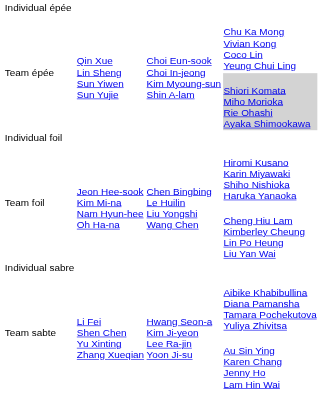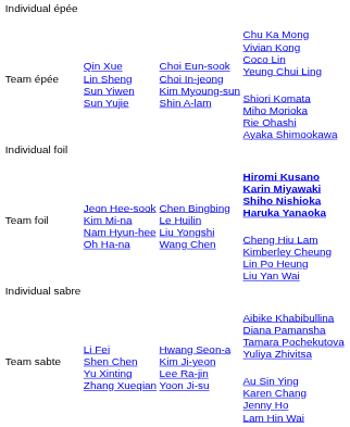 <table>
 <tr>
 <td rowspan=2>Individual épée</td>
 <td rowspan=2></td>
 <td rowspan=2></td>
 <td></td>
 </tr>
 <tr>
 <td></td>
 </tr>
 <tr>
 <td rowspan=2>Team épée</td>
 <td rowspan=2><br><a href='#'>Qin Xue</a><br><a href='#'>Lin Sheng</a><br><a href='#'>Sun Yiwen</a><br><a href='#'>Sun Yujie</a></td>
 <td rowspan=2><br><a href='#'>Choi Eun-sook</a><br><a href='#'>Choi In-jeong</a><br><a href='#'>Kim Myoung-sun</a><br><a href='#'>Shin A-lam</a></td>
 <td><br><a href='#'>Chu Ka Mong</a><br><a href='#'>Vivian Kong</a><br><a href='#'>Coco Lin</a><br><a href='#'>Yeung Chui Ling</a></td>
 </tr>
 <tr>
-<td style="background: lightgrey;"><br><a href='#'>Shiori Komata</a><br><a href='#'>Miho Morioka</a><br><a href='#'>Rie Ohashi</a><br><a href='#'>Ayaka Shimookawa</a></td>
+<td><br><a href='#'>Shiori Komata</a><br><a href='#'>Miho Morioka</a><br><a href='#'>Rie Ohashi</a><br><a href='#'>Ayaka Shimookawa</a></td>
 </tr>
 <tr>
 <td rowspan=2>Individual foil</td>
 <td rowspan=2></td>
 <td rowspan=2></td>
 <td></td>
 </tr>
 <tr>
 <td></td>
 </tr>
 <tr>
 <td rowspan=2>Team foil</td>
 <td rowspan=2><br><a href='#'>Jeon Hee-sook</a><br><a href='#'>Kim Mi-na</a><br><a href='#'>Nam Hyun-hee</a><br><a href='#'>Oh Ha-na</a></td>
 <td rowspan=2><br><a href='#'>Chen Bingbing</a><br><a href='#'>Le Huilin</a><br><a href='#'>Liu Yongshi</a><br><a href='#'>Wang Chen</a></td>
-<td><br><a href='#'>Hiromi Kusano</a><br><a href='#'>Karin Miyawaki</a><br><a href='#'>Shiho Nishioka</a><br><a href='#'>Haruka Yanaoka</a></td>
+<td><strong><br><a href='#'>Hiromi Kusano</a><br><a href='#'>Karin Miyawaki</a><br><a href='#'>Shiho Nishioka</a><br><a href='#'>Haruka Yanaoka</a></strong></td>
 </tr>
 <tr>
 <td><br><a href='#'>Cheng Hiu Lam</a><br><a href='#'>Kimberley Cheung</a><br><a href='#'>Lin Po Heung</a><br><a href='#'>Liu Yan Wai</a></td>
 </tr>
 <tr>
 <td rowspan=2>Individual sabre</td>
 <td rowspan=2></td>
 <td rowspan=2></td>
 <td></td>
 </tr>
 <tr>
 <td></td>
 </tr>
 <tr>
 <td rowspan=2>Team sabte</td>
 <td rowspan=2><br><a href='#'>Li Fei</a><br><a href='#'>Shen Chen</a><br><a href='#'>Yu Xinting</a><br><a href='#'>Zhang Xueqian</a></td>
 <td rowspan=2><br><a href='#'>Hwang Seon-a</a><br><a href='#'>Kim Ji-yeon</a><br><a href='#'>Lee Ra-jin</a><br><a href='#'>Yoon Ji-su</a></td>
 <td><br><a href='#'>Aibike Khabibullina</a><br><a href='#'>Diana Pamansha</a><br><a href='#'>Tamara Pochekutova</a><br><a href='#'>Yuliya Zhivitsa</a></td>
 </tr>
 <tr>
 <td><br><a href='#'>Au Sin Ying</a><br><a href='#'>Karen Chang</a><br><a href='#'>Jenny Ho</a><br><a href='#'>Lam Hin Wai</a></td>
 </tr>
 </table>
